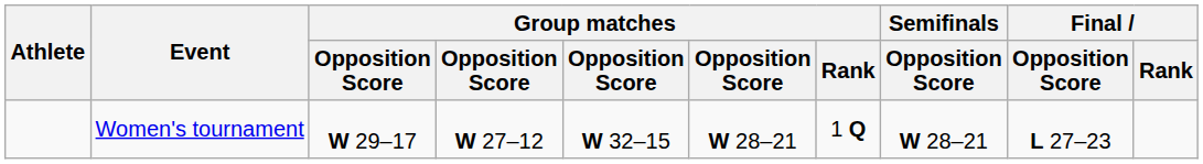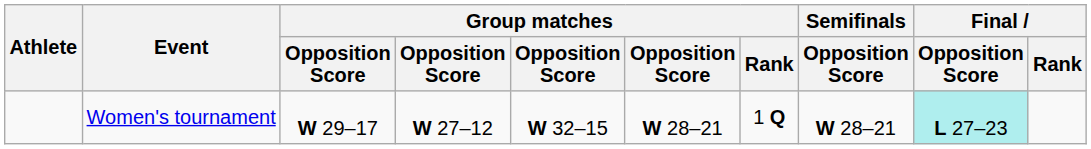 <table class=wikitable style="font-size:90%">
 <tr>
 <th rowspan=2>Athlete</th>
 <th rowspan=2>Event</th>
 <th colspan="5">Group matches</th>
 <th>Semifinals</th>
 <th colspan=2>Final / </th>
 </tr>
 <tr>
 <th>Opposition<br>Score</th>
 <th>Opposition<br>Score</th>
 <th>Opposition<br>Score</th>
 <th>Opposition<br>Score</th>
 <th>Rank</th>
 <th>Opposition<br>Score</th>
 <th>Opposition<br>Score</th>
 <th>Rank</th>
 </tr>
 <tr align=center>
 <td></td>
 <td><a href='#'>Women's tournament</a></td>
 <td><br><strong>W</strong> 29–17</td>
 <td><br><strong>W</strong> 27–12</td>
 <td><br><strong>W</strong> 32–15</td>
 <td><br><strong>W</strong> 28–21</td>
 <td>1 <strong>Q</strong></td>
 <td><br><strong>W</strong> 28–21</td>
-<td><br><strong>L</strong> 27–23</td>
+<td style="background: paleturquoise;"><br><strong>L</strong> 27–23</td>
 <td></td>
 </tr>
 </table>
